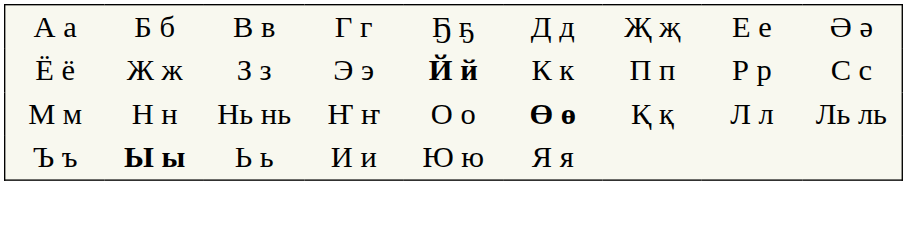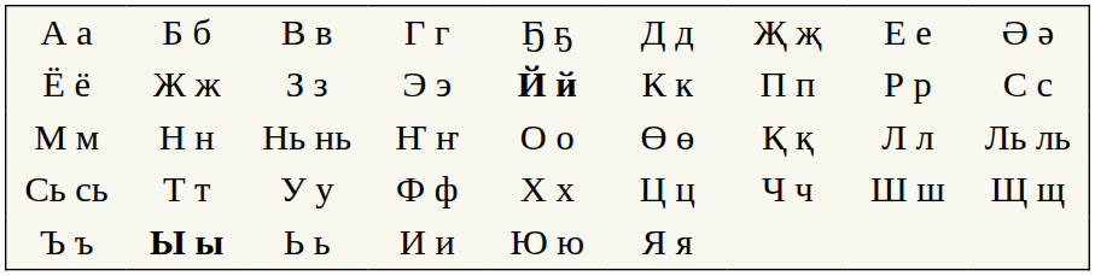 <table style="font-family:Arial Unicode MS; font-size:1.4em; border-color:#000000; border-width:1px; border-style:solid; border-collapse:collapse; background-color:#F8F8EF">
 <tr>
 <td style="width:3em; text-align:center; padding: 3px;">А а</td>
 <td style="width:3em; text-align:center; padding: 3px;">Б б</td>
 <td style="width:3em; text-align:center; padding: 3px;">В в</td>
 <td style="width:3em; text-align:center; padding: 3px;">Г г</td>
 <td style="width:3em; text-align:center; padding: 3px;">Ҕ ҕ</td>
 <td style="width:3em; text-align:center; padding: 3px;">Д д</td>
 <td style="width:3em; text-align:center; padding: 3px;">Җ җ</td>
 <td style="width:3em; text-align:center; padding: 3px;">Е е</td>
 <td style="width:3em; text-align:center; padding: 3px;">Ә ә</td>
 </tr>
 <tr>
 <td style="width:3em; text-align:center; padding: 3px;">Ё ё</td>
 <td style="width:3em; text-align:center; padding: 3px;">Ж ж</td>
 <td style="width:3em; text-align:center; padding: 3px;">З з</td>
 <td style="width:3em; text-align:center; padding: 3px;">Э э</td>
 <td style="width:3em; text-align:center; padding: 3px;"><strong>Й й</strong></td>
 <td style="width:3em; text-align:center; padding: 3px;">К к</td>
 <td style="width:3em; text-align:center; padding: 3px;">П п</td>
 <td style="width:3em; text-align:center; padding: 3px;">Р р</td>
 <td style="width:3em; text-align:center; padding: 3px;">С с</td>
 </tr>
 <tr>
 <td style="width:3em; text-align:center; padding: 3px;">М м</td>
 <td style="width:3em; text-align:center; padding: 3px;">Н н</td>
 <td style="width:3em; text-align:center; padding: 3px;">Нь нь</td>
 <td style="width:3em; text-align:center; padding: 3px;">Ҥ ҥ</td>
 <td style="width:3em; text-align:center; padding: 3px;">О о</td>
-<td style="width:3em; text-align:center; padding: 3px;"><strong>Ө ө</strong></td>
+<td style="width:3em; text-align:center; padding: 3px;">Ө ө</td>
 <td style="width:3em; text-align:center; padding: 3px;">Қ қ</td>
 <td style="width:3em; text-align:center; padding: 3px;">Л л</td>
 <td style="width:3em; text-align:center; padding: 3px;">Ль ль</td>
+</tr>
+<tr>
+<td style="width:3em; text-align:center; padding: 3px;">Сь сь</td>
+<td style="width:3em; text-align:center; padding: 3px;">Т т</td>
+<td style="width:3em; text-align:center; padding: 3px;">У у</td>
+<td style="width:3em; text-align:center; padding: 3px;">Ф ф</td>
+<td style="width:3em; text-align:center; padding: 3px;">Х х</td>
+<td style="width:3em; text-align:center; padding: 3px;">Ц ц</td>
+<td style="width:3em; text-align:center; padding: 3px;">Ч ч</td>
+<td style="width:3em; text-align:center; padding: 3px;">Ш ш</td>
+<td style="width:3em; text-align:center; padding: 3px;">Щ щ</td>
 </tr>
 <tr>
 <td style="width:3em; text-align:center; padding: 3px;">Ъ ъ</td>
 <td style="width:3em; text-align:center; padding: 3px;"><strong>Ы ы</strong></td>
 <td style="width:3em; text-align:center; padding: 3px;">Ь ь</td>
 <td style="width:3em; text-align:center; padding: 3px;">И и</td>
 <td style="width:3em; text-align:center; padding: 3px;">Ю ю</td>
 <td style="width:3em; text-align:center; padding: 3px;">Я я</td>
 <td></td>
 <td></td>
 <td></td>
 </tr>
 </table>
